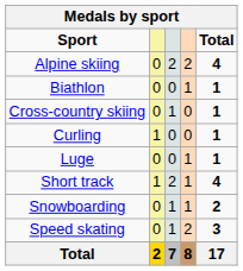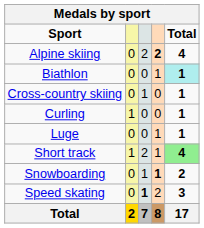 <table class="wikitable" style="font-size:85%;float:right">
 <tr bgcolor=EFEFEF>
 <th colspan=5>Medals by sport</th>
 </tr>
 <tr align=center>
 <td><strong>Sport</strong></td>
 <td bgcolor=#f7f6a8></td>
 <td bgcolor=#dce5e5></td>
 <td bgcolor=#ffdab9></td>
 <td><strong>Total</strong></td>
 </tr>
 <tr align=center>
 <td><a href='#'>Alpine skiing</a></td>
 <td style="background:#F7F6A8;">0</td>
 <td style="background:#DCE5E5;">2</td>
-<td style="background:#FFDAB9;">2</td>
+<td style="background:#FFDAB9;"><strong>2</strong></td>
 <td><strong>4</strong></td>
 </tr>
 <tr align=center>
 <td><a href='#'>Biathlon</a></td>
 <td style="background:#F7F6A8;">0</td>
 <td style="background:#DCE5E5;">0</td>
 <td style="background:#FFDAB9;">1</td>
-<td><strong>1</strong></td>
+<td style="background: paleturquoise;"><strong>1</strong></td>
 </tr>
 <tr align=center>
 <td><a href='#'>Cross-country skiing</a></td>
 <td style="background:#F7F6A8;">0</td>
 <td style="background:#DCE5E5;">1</td>
 <td style="background:#FFDAB9;">0</td>
 <td><strong>1</strong></td>
 </tr>
 <tr align=center>
 <td><a href='#'>Curling</a></td>
 <td style="background:#F7F6A8;">1</td>
 <td style="background:#DCE5E5;">0</td>
 <td style="background:#FFDAB9;">0</td>
 <td><strong>1</strong></td>
 </tr>
 <tr align=center>
 <td><a href='#'>Luge</a></td>
 <td style="background:#F7F6A8;">0</td>
 <td style="background:#DCE5E5;">0</td>
 <td style="background:#FFDAB9;">1</td>
 <td><strong>1</strong></td>
 </tr>
 <tr align=center>
 <td><a href='#'>Short track</a></td>
 <td style="background:#F7F6A8;">1</td>
 <td style="background:#DCE5E5;">2</td>
 <td style="background:#FFDAB9;">1</td>
-<td><strong>4</strong></td>
+<td style="background: lightgreen;"><strong>4</strong></td>
 </tr>
 <tr align=center>
 <td><a href='#'>Snowboarding</a></td>
 <td style="background:#F7F6A8;">0</td>
 <td style="background:#DCE5E5;">1</td>
-<td style="background:#FFDAB9;">1</td>
+<td style="background:#FFDAB9;"><strong>1</strong></td>
 <td><strong>2</strong></td>
 </tr>
 <tr align=center>
 <td><a href='#'>Speed skating</a></td>
 <td style="background:#F7F6A8;">0</td>
-<td style="background:#DCE5E5;">1</td>
+<td style="background:#DCE5E5;"><strong>1</strong></td>
 <td style="background:#FFDAB9;">2</td>
 <td><strong>3</strong></td>
 </tr>
 <tr align=center>
 <th>Total</th>
 <th style="background:gold;">2</th>
 <th style="background:silver;">7</th>
 <th style="background:#c96;">8</th>
 <th>17</th>
 </tr>
 </table>
